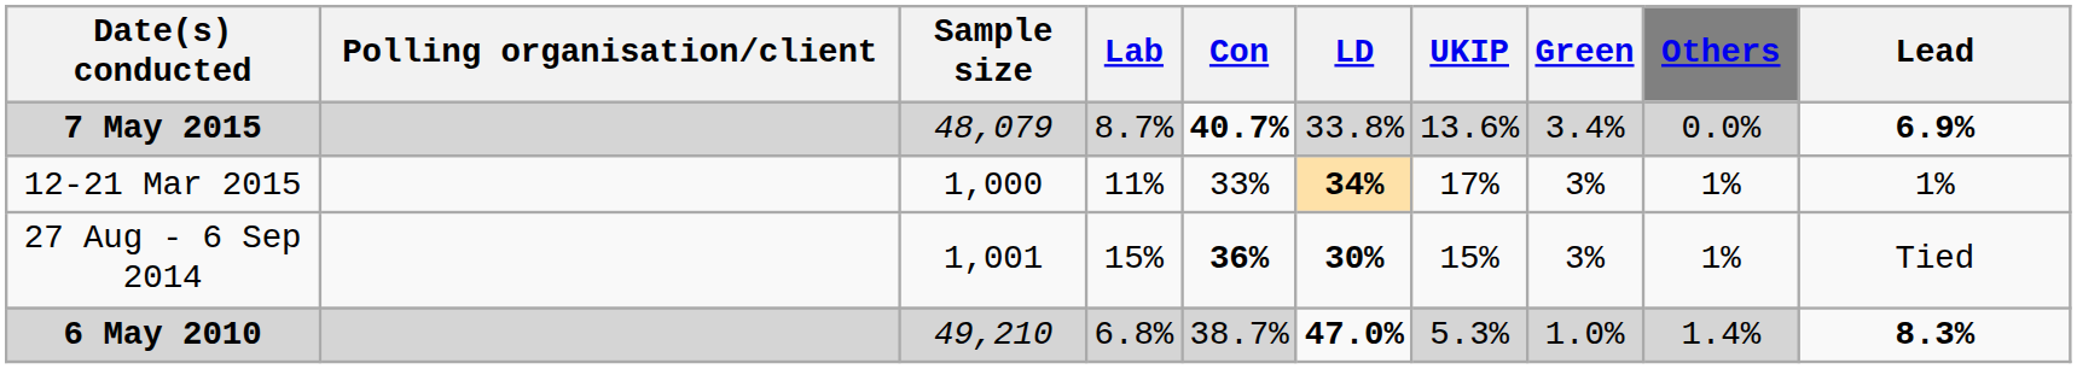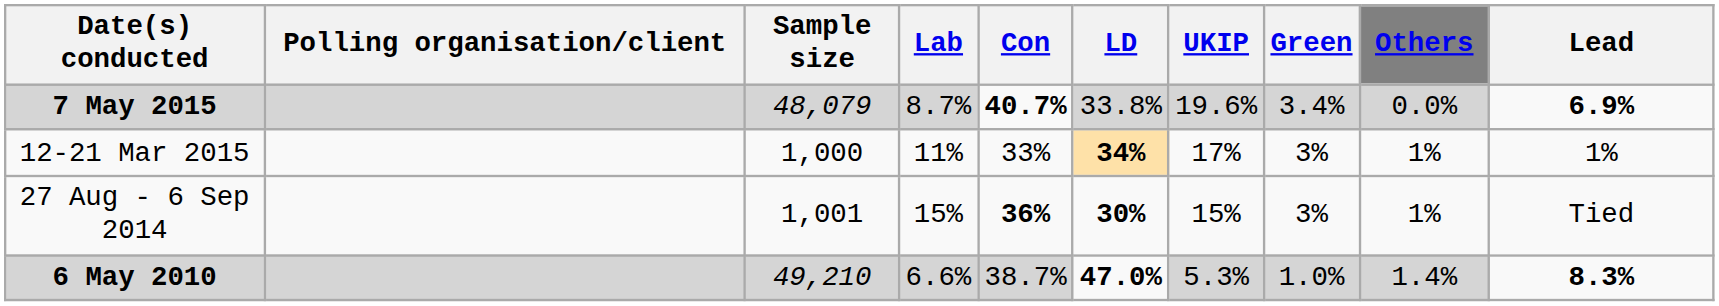 <table class="wikitable sortable" style="text-align:center;font-size:90%;line-height:14px">
 <tr>
 <th ! style="width:105px;">Date(s)<br>conducted</th>
 <th style="width:200px;">Polling organisation/client</th>
 <th class="unsortable" style="width:60px;">Sample size</th>
 <th class="unsortable" style="background:"><a href='#'><span>Lab</span></a></th>
 <th class="unsortable" style="background:"><a href='#'><span>Con</span></a></th>
 <th class="unsortable" style="background:"><a href='#'><span>LD</span></a></th>
 <th class="unsortable" style="background:"><a href='#'><span>UKIP</span></a></th>
 <th class="unsortable" style="background:"><a href='#'><span>Green</span></a></th>
 <th class="unsortable" style="background:gray; width:50px;"><a href='#'><span>Others</span></a></th>
 <th class="unsortable" style="width:90px;">Lead</th>
 </tr>
 <tr>
 <td style="background:#D5D5D5"><strong>7 May 2015</strong></td>
 <td style="background:#D5D5D5"></td>
 <td style="background:#D5D5D5"><em>48,079</em></td>
 <td style="background:#D5D5D5">8.7%</td>
 <td style="background:"><strong>40.7%</strong></td>
 <td style="background:#D5D5D5">33.8%</td>
-<td style="background:#D5D5D5">13.6%</td>
+<td style="background:#D5D5D5">19.6%</td>
 <td style="background:#D5D5D5">3.4%</td>
 <td style="background:#D5D5D5">0.0%</td>
 <td style="background:"><strong>6.9% </strong></td>
 </tr>
 <tr>
 <td>12-21 Mar 2015</td>
 <td></td>
 <td>1,000</td>
 <td>11%</td>
 <td>33%</td>
 <td style="background:#FEE1A8"><strong>34%</strong></td>
 <td>17%</td>
 <td>3%</td>
 <td>1%</td>
 <td style="background:">1%</td>
 </tr>
 <tr>
 <td>27 Aug - 6 Sep 2014</td>
 <td></td>
 <td>1,001</td>
 <td>15%</td>
 <td><strong>36%</strong></td>
 <td><strong>30%</strong></td>
 <td>15%</td>
 <td>3%</td>
 <td>1%</td>
 <td>Tied</td>
 </tr>
 <tr>
 <td style="background:#D5D5D5"><strong>6 May 2010</strong></td>
 <td style="background:#D5D5D5"></td>
 <td style="background:#D5D5D5"><em>49,210</em></td>
-<td style="background:#D5D5D5">6.8%</td>
+<td style="background:#D5D5D5">6.6%</td>
 <td style="background:#D5D5D5">38.7%</td>
 <td style="background:"><strong>47.0%</strong></td>
 <td style="background:#D5D5D5">5.3%</td>
 <td style="background:#D5D5D5">1.0%</td>
 <td style="background:#D5D5D5">1.4%</td>
 <td style="background:"><strong>8.3% </strong></td>
 </tr>
 </table>
